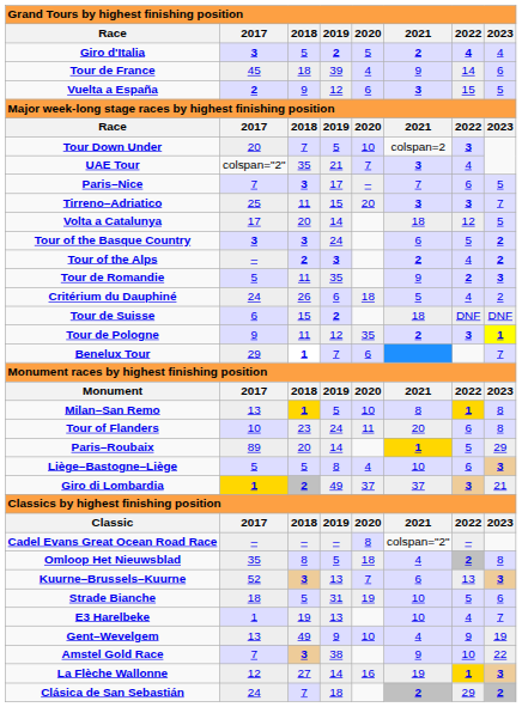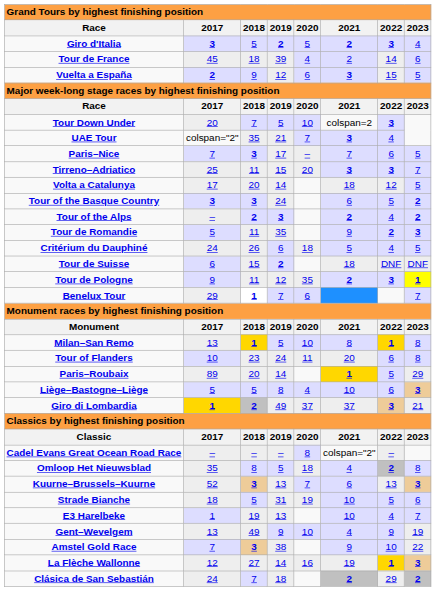 <table class="wikitable">
 <tr style="background:#eee;">
 <td style="background:#fda043;" colspan=25><strong>Grand Tours by highest finishing position</strong></td>
 </tr>
 <tr>
 <th>Race</th>
 <th>2017</th>
 <th>2018</th>
 <th>2019</th>
 <th>2020</th>
 <th>2021</th>
 <th>2022</th>
 <th>2023</th>
 </tr>
 <tr align="center">
 <td><strong><a href='#'>Giro d'Italia</a></strong></td>
 <td style="background:#ddf;"><a href='#'><strong>3</strong></a></td>
 <td style="background:#ddf;"><a href='#'>5</a></td>
 <td style="background:#ddf;"><a href='#'><strong>2</strong></a></td>
 <td style="background:#ddf;"><a href='#'>5</a></td>
 <td style="background:#ddf;"><a href='#'><strong>2</strong></a></td>
-<td style="background:#ddf;"><a href='#'><strong>4</strong></a></td>
+<td style="background:#ddf;"><a href='#'><strong>3</strong></a></td>
 <td style="background:#ddf;"><a href='#'>4</a></td>
 </tr>
 <tr align="center">
 <td><strong><a href='#'>Tour de France</a></strong></td>
 <td style="background:#eee;"><a href='#'>45</a></td>
 <td style="background:#eee;"><a href='#'>18</a></td>
 <td style="background:#eee;"><a href='#'>39</a></td>
 <td style="background:#ddf;"><a href='#'>4</a></td>
-<td style="background:#ddf;"><a href='#'>9</a></td>
+<td style="background:#ddf;"><a href='#'>2</a></td>
 <td style="background:#eee;"><a href='#'>14</a></td>
 <td style="background:#ddf;"><a href='#'>6</a></td>
 </tr>
 <tr align="center">
 <td><strong><a href='#'>Vuelta a España</a></strong></td>
 <td style="background:#ddf;"><a href='#'><strong>2</strong></a></td>
 <td style="background:#ddf;"><a href='#'>9</a></td>
 <td style="background:#eee;"><a href='#'>12</a></td>
 <td style="background:#ddf;"><a href='#'>6</a></td>
 <td style="background:#ddf;"><a href='#'><strong>3</strong></a></td>
 <td style="background:#eee;"><a href='#'>15</a></td>
 <td style="background:#ddf;"><a href='#'>5</a></td>
 </tr>
 <tr>
 <td style="background:#fda043;" colspan=25><strong>Major week-long stage races by highest finishing position</strong></td>
 </tr>
 <tr>
 <th>Race</th>
 <th>2017</th>
 <th>2018</th>
 <th>2019</th>
 <th>2020</th>
 <th>2021</th>
 <th>2022</th>
 <th>2023</th>
 </tr>
 <tr align="center">
 <td><strong><a href='#'>Tour Down Under</a></strong></td>
 <td style="background:#eee;"><a href='#'>20</a></td>
 <td style="background:#ddf;"><a href='#'>7</a></td>
 <td style="background:#ddf;"><a href='#'>5</a></td>
 <td style="background:#ddf;"><a href='#'>10</a></td>
 <td>colspan=2 </td>
 <td style="background:#ddf;"><a href='#'><strong>3</strong></a></td>
 </tr>
 <tr align="center">
 <td><strong><a href='#'>UAE Tour</a></strong></td>
 <td>colspan="2" </td>
 <td style="background:#eee;"><a href='#'>35</a></td>
 <td style="background:#eee;"><a href='#'>21</a></td>
 <td style="background:#ddf;"><a href='#'>7</a></td>
 <td style="background:#ddf;"><a href='#'><strong>3</strong></a></td>
 <td style="background:#ddf;"><a href='#'>4</a></td>
 </tr>
 <tr align="center">
 <td><strong><a href='#'>Paris–Nice</a></strong></td>
 <td style="background:#ddf;"><a href='#'>7</a></td>
 <td style="background:#ddf;"><a href='#'><strong>3</strong></a></td>
 <td style="background:#eee;"><a href='#'>17</a></td>
 <td style="background:#eee;"><a href='#'>–</a></td>
 <td style="background:#ddf;"><a href='#'>7</a></td>
 <td style="background:#ddf;"><a href='#'>6</a></td>
 <td style="background:#ddf;"><a href='#'>5</a></td>
 </tr>
 <tr align="center">
 <td><strong><a href='#'>Tirreno–Adriatico</a></strong></td>
 <td style="background:#eee;"><a href='#'>25</a></td>
 <td style="background:#eee;"><a href='#'>11</a></td>
 <td style="background:#eee;"><a href='#'>15</a></td>
 <td style="background:#eee;"><a href='#'>20</a></td>
 <td style="background:#ddf;"><a href='#'><strong>3</strong></a></td>
 <td style="background:#ddf;"><a href='#'><strong>3</strong></a></td>
 <td style="background:#ddf;"><a href='#'>7</a></td>
 </tr>
 <tr align="center">
 <td><strong><a href='#'>Volta a Catalunya</a></strong></td>
 <td style="background:#eee;"><a href='#'>17</a></td>
 <td style="background:#eee;"><a href='#'>20</a></td>
 <td style="background:#eee;"><a href='#'>14</a></td>
 <td></td>
 <td style="background:#eee;"><a href='#'>18</a></td>
 <td style="background:#eee;"><a href='#'>12</a></td>
 <td style="background:#ddf;"><a href='#'>5</a></td>
 </tr>
 <tr align="center">
 <td><strong><a href='#'>Tour of the Basque Country</a></strong></td>
 <td style="background:#ddf;"><a href='#'><strong>3</strong></a></td>
 <td style="background:#ddf;"><a href='#'><strong>3</strong></a></td>
 <td style="background:#eee;"><a href='#'>24</a></td>
 <td></td>
 <td style="background:#ddf;"><a href='#'>6</a></td>
 <td style="background:#ddf;"><a href='#'>5</a></td>
 <td style="background:#ddf;"><a href='#'><strong>2</strong></a></td>
 </tr>
 <tr align="center">
 <td><strong><a href='#'>Tour of the Alps</a></strong></td>
 <td style="background:#eee;"><a href='#'>–</a></td>
 <td style="background:#ddf;"><a href='#'><strong>2</strong></a></td>
 <td style="background:#ddf;"><a href='#'><strong>3</strong></a></td>
 <td></td>
 <td style="background:#ddf;"><a href='#'><strong>2</strong></a></td>
 <td style="background:#ddf;"><a href='#'>4</a></td>
 <td style="background:#ddf;"><a href='#'><strong>2</strong></a></td>
 </tr>
 <tr align="center">
 <td><strong><a href='#'>Tour de Romandie</a></strong></td>
 <td style="background:#ddf;"><a href='#'>5</a></td>
 <td style="background:#eee;"><a href='#'>11</a></td>
 <td style="background:#eee;"><a href='#'>35</a></td>
 <td></td>
 <td style="background:#ddf;"><a href='#'>9</a></td>
 <td style="background:#ddf;"><a href='#'><strong>2</strong></a></td>
 <td style="background:#ddf;"><a href='#'><strong>3</strong></a></td>
 </tr>
 <tr align="center">
 <td><strong><a href='#'>Critérium du Dauphiné</a></strong></td>
 <td style="background:#eee;"><a href='#'>24</a></td>
 <td style="background:#eee;"><a href='#'>26</a></td>
 <td style="background:#ddf;"><a href='#'>6</a></td>
 <td style="background:#eee;"><a href='#'>18</a></td>
 <td style="background:#ddf"><a href='#'>5</a></td>
 <td style="background:#ddf"><a href='#'>4</a></td>
-<td style="background:#ddf"><a href='#'>2</a></td>
+<td style="background:#ddf"><a href='#'>5</a></td>
 </tr>
 <tr align="center">
 <td><strong><a href='#'>Tour de Suisse</a></strong></td>
 <td style="background:#ddf;"><a href='#'>6</a></td>
 <td style="background:#eee;"><a href='#'>15</a></td>
 <td style="background:#ddf;"><a href='#'><strong>2</strong></a></td>
 <td></td>
 <td style="background:#eee;"><a href='#'>18</a></td>
 <td style="background:#eee;"><a href='#'>DNF</a></td>
 <td style="background:#eee;"><a href='#'>DNF</a> </td>
 </tr>
 <tr align="center">
 <td><strong><a href='#'>Tour de Pologne</a></strong></td>
 <td style="background:#ddf;"><a href='#'>9</a></td>
 <td style="background:#eee;"><a href='#'>11</a></td>
 <td style="background:#eee;"><a href='#'>12</a></td>
 <td style="background:#eee;"><a href='#'>35</a></td>
 <td style="background:#ddf;"><a href='#'><strong>2</strong></a></td>
 <td style="background:#ddf;"><a href='#'><strong>3</strong></a></td>
 <td style="background:yellow;"><a href='#'><strong>1</strong></a></td>
 </tr>
 <tr align="center">
 <td><strong><a href='#'>Benelux Tour</a></strong></td>
 <td style="background:#eee;"><a href='#'>29</a></td>
 <td style="background:white;"><a href='#'><strong>1</strong></a></td>
 <td style="background:#ddf;"><a href='#'>7</a></td>
 <td style="background:#ddf;"><a href='#'>6</a></td>
 <td style="background:dodgerblue;"></td>
 <td></td>
 <td style="background:#ddf;"><a href='#'>7</a></td>
 </tr>
 <tr>
 <td style="background:#fda043;" colspan=25><strong>Monument races by highest finishing position</strong></td>
 </tr>
 <tr>
 <th>Monument</th>
 <th>2017</th>
 <th>2018</th>
 <th>2019</th>
 <th>2020</th>
 <th>2021</th>
 <th>2022</th>
 <th>2023</th>
 </tr>
 <tr align="center">
 <td><strong><a href='#'>Milan–San Remo</a></strong></td>
 <td style="background:#eee;"><a href='#'>13</a></td>
 <td style="background:gold;"><a href='#'><strong>1</strong></a></td>
 <td style="background:#ddf;"><a href='#'>5</a></td>
 <td style="background:#ddf;"><a href='#'>10</a></td>
 <td style="background:#ddf;"><a href='#'>8</a></td>
 <td style="background:gold;"><a href='#'><strong>1</strong></a></td>
 <td style="background:#ddf;"><a href='#'>8</a></td>
 </tr>
 <tr align="center">
 <td><strong><a href='#'>Tour of Flanders</a></strong></td>
 <td style="background:#ddf;"><a href='#'>10</a></td>
 <td style="background:#eee;"><a href='#'>23</a></td>
 <td style="background:#eee;"><a href='#'>24</a></td>
 <td style="background:#eee;"><a href='#'>11</a></td>
 <td style="background:#eee;"><a href='#'>20</a></td>
 <td style="background:#ddf;"><a href='#'>6</a></td>
 <td style="background:#ddf;"><a href='#'>8</a></td>
 </tr>
 <tr align="center">
 <td><strong><a href='#'>Paris–Roubaix</a></strong></td>
 <td style="background:#eee;"><a href='#'>89</a></td>
 <td style="background:#eee;"><a href='#'>20</a></td>
 <td style="background:#eee;"><a href='#'>14</a></td>
 <td></td>
 <td style="background:gold;"><a href='#'><strong>1</strong></a></td>
 <td style="background:#ddf;"><a href='#'>5</a></td>
 <td style="background:#eee;"><a href='#'>29</a></td>
 </tr>
 <tr align="center">
 <td><strong><a href='#'>Liège–Bastogne–Liège</a></strong></td>
 <td style="background:#ddf;"><a href='#'>5</a></td>
 <td style="background:#ddf;"><a href='#'>5</a></td>
 <td style="background:#ddf;"><a href='#'>8</a></td>
 <td style="background:#ddf;"><a href='#'>4</a></td>
 <td style="background:#ddf;"><a href='#'>10</a></td>
 <td style="background:#ddf;"><a href='#'>6</a></td>
 <td style="background:#ec9;"><a href='#'><strong>3</strong></a></td>
 </tr>
 <tr align="center">
 <td><strong><a href='#'>Giro di Lombardia</a></strong></td>
 <td style="background:gold;"><a href='#'><strong>1</strong></a></td>
 <td style="background:silver;"><a href='#'><strong>2</strong></a></td>
 <td style="background:#eee;"><a href='#'>49</a></td>
 <td style="background:#eee;"><a href='#'>37</a></td>
 <td style="background:#eee;"><a href='#'>37</a></td>
 <td style="background:#ec9;"><a href='#'><strong>3</strong></a></td>
 <td style="background:#eee;"><a href='#'>21</a></td>
 </tr>
 <tr>
 <td style="background:#fda043;" colspan=25><strong>Classics by highest finishing position</strong></td>
 </tr>
 <tr>
 <th>Classic</th>
 <th>2017</th>
 <th>2018</th>
 <th>2019</th>
 <th>2020</th>
 <th>2021</th>
 <th>2022</th>
 <th>2023</th>
 </tr>
 <tr align="center">
 <td><strong><a href='#'>Cadel Evans Great Ocean Road Race</a></strong></td>
 <td style="background:#eee;"><a href='#'>–</a></td>
 <td style="background:#eee;"><a href='#'>–</a></td>
 <td style="background:#eee;"><a href='#'>–</a></td>
 <td style="background:#ddf;"><a href='#'>8</a></td>
 <td>colspan="2" </td>
 <td style="background:#eee;"><a href='#'>–</a></td>
 </tr>
 <tr align="center">
 <td><strong><a href='#'>Omloop Het Nieuwsblad</a></strong></td>
 <td style="background:#eee;"><a href='#'>35</a></td>
 <td style="background:#ddf;"><a href='#'>8</a></td>
 <td style="background:#ddf;"><a href='#'>5</a></td>
 <td style="background:#eee;"><a href='#'>18</a></td>
 <td style="background:#ddf;"><a href='#'>4</a></td>
 <td style="background:silver;"><a href='#'><strong>2</strong></a></td>
 <td style="background:#ddf;"><a href='#'>8</a></td>
 </tr>
 <tr align="center">
 <td><strong><a href='#'>Kuurne–Brussels–Kuurne</a></strong></td>
 <td style="background:#eee;"><a href='#'>52</a></td>
 <td style="background:#ec9;"><a href='#'><strong>3</strong></a></td>
 <td style="background:#eee;"><a href='#'>13</a></td>
 <td style="background:#ddf;"><a href='#'>7</a></td>
 <td style="background:#ddf;"><a href='#'>6</a></td>
 <td style="background:#eee;"><a href='#'>13</a></td>
 <td style="background:#ec9;"><a href='#'><strong>3</strong></a></td>
 </tr>
 <tr align="center">
 <td><strong><a href='#'>Strade Bianche</a></strong></td>
 <td style="background:#eee;"><a href='#'>18</a></td>
 <td style="background:#ddf;"><a href='#'>5</a></td>
 <td style="background:#eee;"><a href='#'>31</a></td>
 <td style="background:#eee;"><a href='#'>19</a></td>
 <td style="background:#ddf;"><a href='#'>10</a></td>
 <td style="background:#ddf;"><a href='#'>5</a></td>
 <td style="background:#ddf;"><a href='#'>6</a></td>
 </tr>
 <tr align="center">
 <td><strong><a href='#'>E3 Harelbeke</a></strong></td>
 <td style="background:#ddf;"><a href='#'>1</a></td>
 <td style="background:#eee;"><a href='#'>19</a></td>
 <td style="background:#eee;"><a href='#'>13</a></td>
 <td></td>
 <td style="background:#ddf;"><a href='#'>10</a></td>
 <td style="background:#ddf;"><a href='#'>4</a></td>
 <td style="background:#ddf;"><a href='#'>7</a></td>
 </tr>
 <tr align="center">
 <td><strong><a href='#'>Gent–Wevelgem</a></strong></td>
 <td style="background:#eee;"><a href='#'>13</a></td>
 <td style="background:#eee;"><a href='#'>49</a></td>
 <td style="background:#ddf;"><a href='#'>9</a></td>
 <td style="background:#ddf;"><a href='#'>10</a></td>
 <td style="background:#ddf;"><a href='#'>4</a></td>
 <td style="background:#ddf;"><a href='#'>9</a></td>
 <td style="background:#eee;"><a href='#'>19</a></td>
 </tr>
 <tr align="center">
 <td><strong><a href='#'>Amstel Gold Race</a></strong></td>
 <td style="background:#ddf;"><a href='#'>7</a></td>
 <td style="background:#ec9;"><a href='#'><strong>3</strong></a></td>
 <td style="background:#eee;"><a href='#'>38</a></td>
 <td></td>
 <td style="background:#ddf;"><a href='#'>9</a></td>
 <td style="background:#ddf;"><a href='#'>10</a></td>
 <td style="background:#eee;"><a href='#'>22</a></td>
 </tr>
 <tr align="center">
 <td><strong><a href='#'>La Flèche Wallonne</a></strong></td>
 <td style="background:#eee;"><a href='#'>12</a></td>
 <td style="background:#eee;"><a href='#'>27</a></td>
 <td style="background:#eee;"><a href='#'>14</a></td>
 <td style="background:#eee;"><a href='#'>16</a></td>
 <td style="background:#eee;"><a href='#'>19</a></td>
 <td style="background:gold;"><a href='#'><strong>1</strong></a></td>
 <td style="background:#ec9;"><a href='#'><strong>3</strong></a></td>
 </tr>
 <tr align="center">
 <td><strong><a href='#'>Clásica de San Sebastián</a></strong></td>
 <td style="background:#eee;"><a href='#'>24</a></td>
 <td style="background:#ddf;"><a href='#'>7</a></td>
 <td style="background:#eee;"><a href='#'>18</a></td>
 <td></td>
 <td style="background:silver;"><a href='#'><strong>2</strong></a></td>
 <td style="background:#eee;"><a href='#'>29</a></td>
 <td style="background:silver;"><a href='#'><strong>2</strong></a></td>
 </tr>
 </table>
